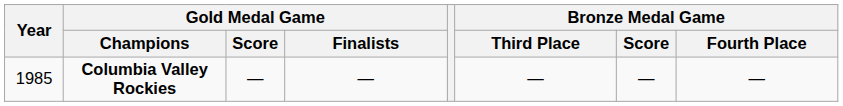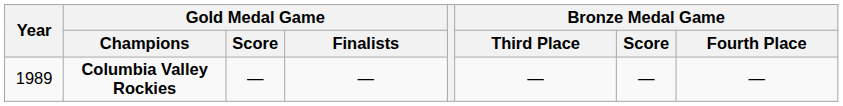 <table class="wikitable"  style="text-align:center;">
 <tr bgcolor="#efefef" align="left">
 <th rowspan=2 style="width: 50px;">Year</th>
 <th colspan=3>Gold Medal Game</th>
 <th rowspan=3></th>
 <th colspan=3>Bronze Medal Game</th>
 </tr>
 <tr>
 <th style="width: 150px;">Champions</th>
 <th style="width: 50px;">Score</th>
 <th style="width: 150px;">Finalists</th>
 <th style="width: 150px;">Third Place</th>
 <th style="width: 50px;">Score</th>
 <th style="width: 150px;">Fourth Place</th>
 </tr>
 <tr>
-<td>1985</td>
+<td>1989</td>
 <td><strong>Columbia Valley Rockies<br></strong></td>
 <td>―</td>
 <td>―</td>
 <td>―</td>
 <td>―</td>
 <td>―</td>
 </tr>
 </table>
